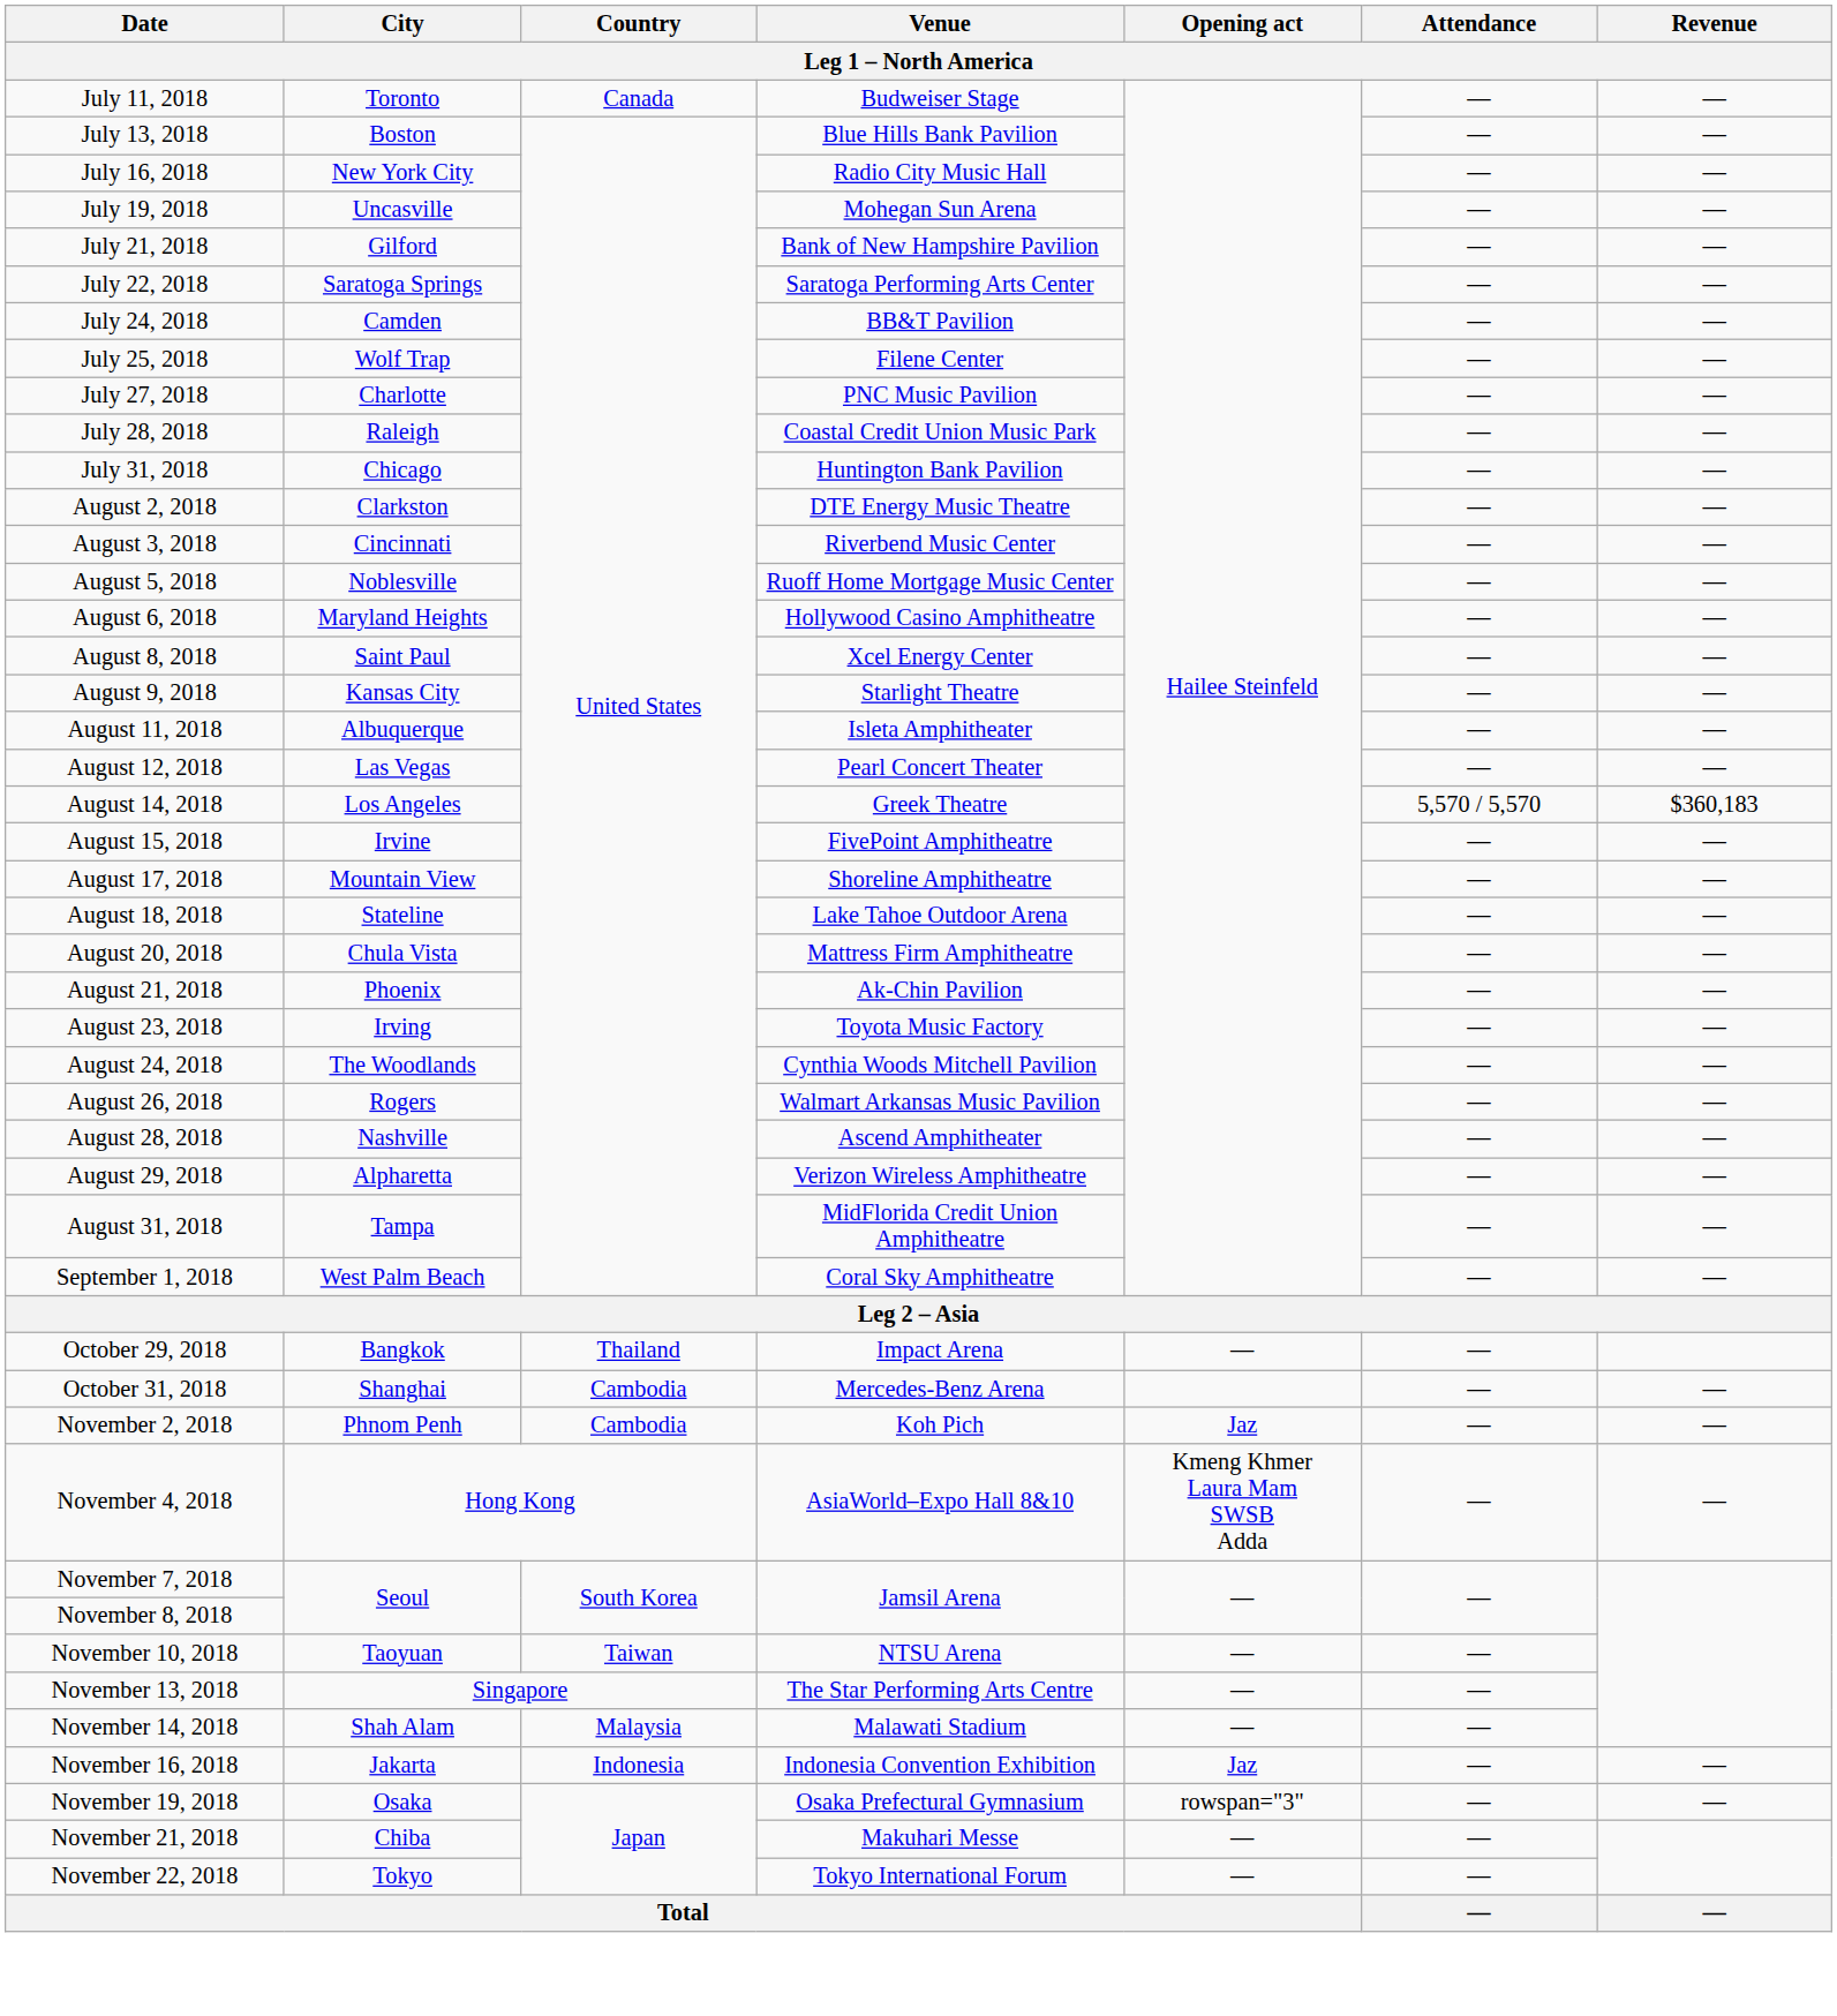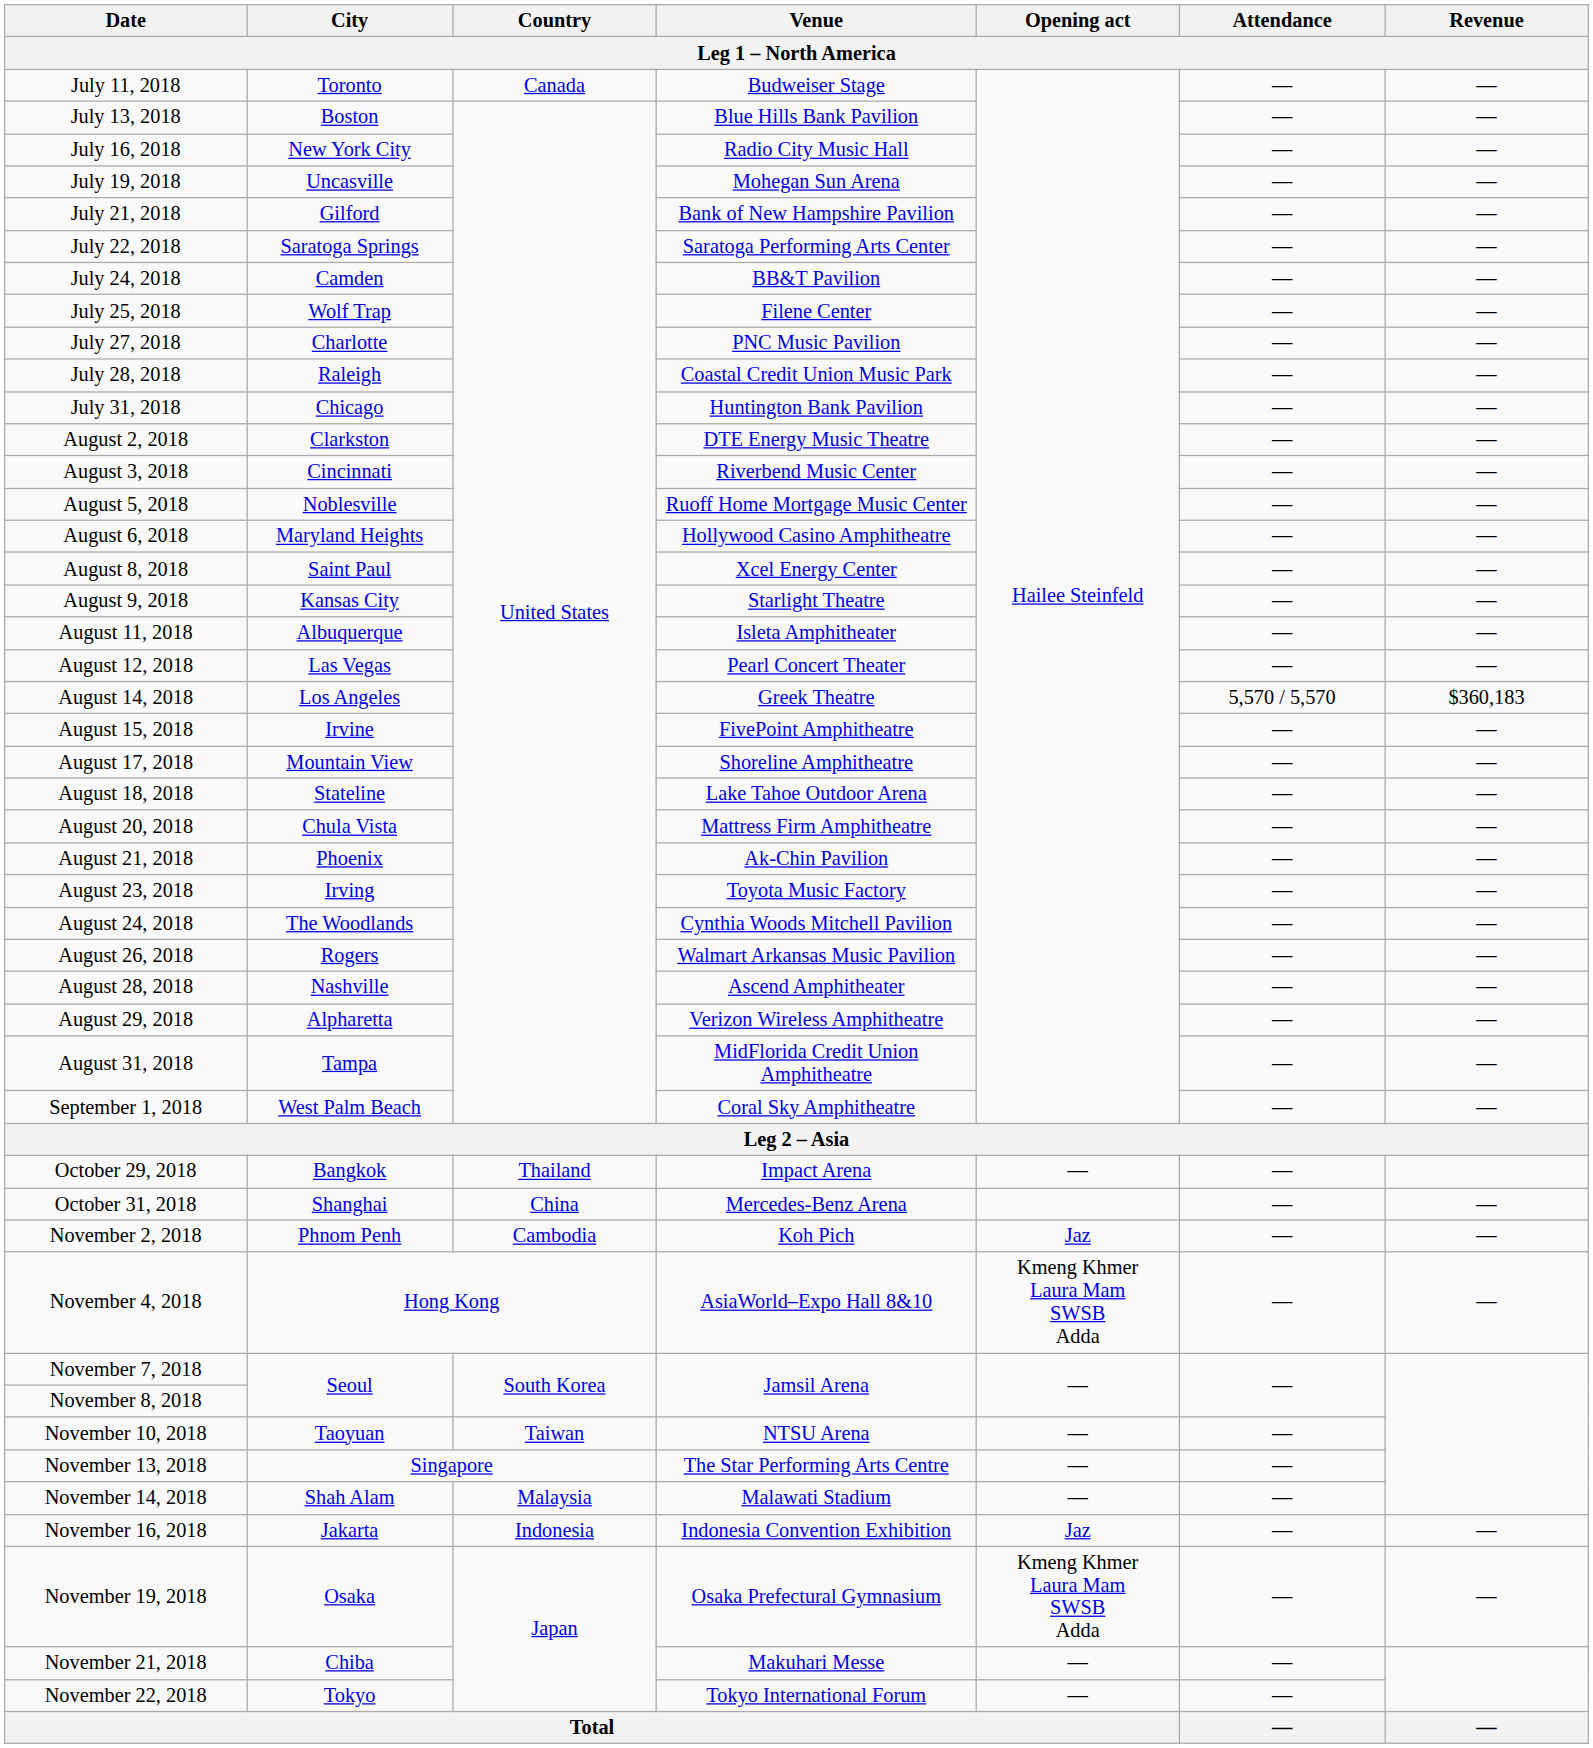 <table class="wikitable" style="text-align:center;">
 <tr>
 <th scope="col" style="width:12em;">Date</th>
 <th scope="col" style="width:10em;">City</th>
 <th scope="col" style="width:10em;">Country</th>
 <th scope="col" style="width:16em;">Venue</th>
 <th scope="col" style="width:10em;">Opening act</th>
 <th scope="col" style="width:10em;">Attendance</th>
 <th scope="col" style="width:10em;">Revenue</th>
 </tr>
 <tr>
 <th colspan="7">Leg 1 – North America</th>
 </tr>
 <tr>
 <td>July 11, 2018</td>
 <td><a href='#'>Toronto</a></td>
 <td><a href='#'>Canada</a></td>
 <td><a href='#'>Budweiser Stage</a></td>
 <td rowspan="32"><a href='#'>Hailee Steinfeld</a></td>
 <td>—</td>
 <td>—</td>
 </tr>
 <tr>
 <td>July 13, 2018</td>
 <td><a href='#'>Boston</a></td>
 <td rowspan="31"><a href='#'>United States</a></td>
 <td><a href='#'>Blue Hills Bank Pavilion</a></td>
 <td>—</td>
 <td>—</td>
 </tr>
 <tr>
 <td>July 16, 2018</td>
 <td><a href='#'>New York City</a></td>
 <td><a href='#'>Radio City Music Hall</a></td>
 <td>—</td>
 <td>—</td>
 </tr>
 <tr>
 <td>July 19, 2018</td>
 <td><a href='#'>Uncasville</a></td>
 <td><a href='#'>Mohegan Sun Arena</a></td>
 <td>—</td>
 <td>—</td>
 </tr>
 <tr>
 <td>July 21, 2018</td>
 <td><a href='#'>Gilford</a></td>
 <td><a href='#'>Bank of New Hampshire Pavilion</a></td>
 <td>—</td>
 <td>—</td>
 </tr>
 <tr>
 <td>July 22, 2018</td>
 <td><a href='#'>Saratoga Springs</a></td>
 <td><a href='#'>Saratoga Performing Arts Center</a></td>
 <td>—</td>
 <td>—</td>
 </tr>
 <tr>
 <td>July 24, 2018</td>
 <td><a href='#'>Camden</a></td>
 <td><a href='#'>BB&T Pavilion</a></td>
 <td>—</td>
 <td>—</td>
 </tr>
 <tr>
 <td>July 25, 2018</td>
 <td><a href='#'>Wolf Trap</a></td>
 <td><a href='#'>Filene Center</a></td>
 <td>—</td>
 <td>—</td>
 </tr>
 <tr>
 <td>July 27, 2018</td>
 <td><a href='#'>Charlotte</a></td>
 <td><a href='#'>PNC Music Pavilion</a></td>
 <td>—</td>
 <td>—</td>
 </tr>
 <tr>
 <td>July 28, 2018</td>
 <td><a href='#'>Raleigh</a></td>
 <td><a href='#'>Coastal Credit Union Music Park</a></td>
 <td>—</td>
 <td>—</td>
 </tr>
 <tr>
 <td>July 31, 2018</td>
 <td><a href='#'>Chicago</a></td>
 <td><a href='#'>Huntington Bank Pavilion</a></td>
 <td>—</td>
 <td>—</td>
 </tr>
 <tr>
 <td>August 2, 2018</td>
 <td><a href='#'>Clarkston</a></td>
 <td><a href='#'>DTE Energy Music Theatre</a></td>
 <td>—</td>
 <td>—</td>
 </tr>
 <tr>
 <td>August 3, 2018</td>
 <td><a href='#'>Cincinnati</a></td>
 <td><a href='#'>Riverbend Music Center</a></td>
 <td>—</td>
 <td>—</td>
 </tr>
 <tr>
 <td>August 5, 2018</td>
 <td><a href='#'>Noblesville</a></td>
 <td><a href='#'>Ruoff Home Mortgage Music Center</a></td>
 <td>—</td>
 <td>—</td>
 </tr>
 <tr>
 <td>August 6, 2018</td>
 <td><a href='#'>Maryland Heights</a></td>
 <td><a href='#'>Hollywood Casino Amphitheatre</a></td>
 <td>—</td>
 <td>—</td>
 </tr>
 <tr>
 <td>August 8, 2018</td>
 <td><a href='#'>Saint Paul</a></td>
 <td><a href='#'>Xcel Energy Center</a></td>
 <td>—</td>
 <td>—</td>
 </tr>
 <tr>
 <td>August 9, 2018</td>
 <td><a href='#'>Kansas City</a></td>
 <td><a href='#'>Starlight Theatre</a></td>
 <td>—</td>
 <td>—</td>
 </tr>
 <tr>
 <td>August 11, 2018</td>
 <td><a href='#'>Albuquerque</a></td>
 <td><a href='#'>Isleta Amphitheater</a></td>
 <td>—</td>
 <td>—</td>
 </tr>
 <tr>
 <td>August 12, 2018</td>
 <td><a href='#'>Las Vegas</a></td>
 <td><a href='#'>Pearl Concert Theater</a></td>
 <td>—</td>
 <td>—</td>
 </tr>
 <tr>
 <td>August 14, 2018</td>
 <td><a href='#'>Los Angeles</a></td>
 <td><a href='#'>Greek Theatre</a></td>
 <td>5,570 / 5,570</td>
 <td>$360,183</td>
 </tr>
 <tr>
 <td>August 15, 2018</td>
 <td><a href='#'>Irvine</a></td>
 <td><a href='#'>FivePoint Amphitheatre</a></td>
 <td>—</td>
 <td>—</td>
 </tr>
 <tr>
 <td>August 17, 2018</td>
 <td><a href='#'>Mountain View</a></td>
 <td><a href='#'>Shoreline Amphitheatre</a></td>
 <td>—</td>
 <td>—</td>
 </tr>
 <tr>
 <td>August 18, 2018</td>
 <td><a href='#'>Stateline</a></td>
 <td><a href='#'>Lake Tahoe Outdoor Arena</a></td>
 <td>—</td>
 <td>—</td>
 </tr>
 <tr>
 <td>August 20, 2018</td>
 <td><a href='#'>Chula Vista</a></td>
 <td><a href='#'>Mattress Firm Amphitheatre</a></td>
 <td>—</td>
 <td>—</td>
 </tr>
 <tr>
 <td>August 21, 2018</td>
 <td><a href='#'>Phoenix</a></td>
 <td><a href='#'>Ak-Chin Pavilion</a></td>
 <td>—</td>
 <td>—</td>
 </tr>
 <tr>
 <td>August 23, 2018</td>
 <td><a href='#'>Irving</a></td>
 <td><a href='#'>Toyota Music Factory</a></td>
 <td>—</td>
 <td>—</td>
 </tr>
 <tr>
 <td>August 24, 2018</td>
 <td><a href='#'>The Woodlands</a></td>
 <td><a href='#'>Cynthia Woods Mitchell Pavilion</a></td>
 <td>—</td>
 <td>—</td>
 </tr>
 <tr>
 <td>August 26, 2018</td>
 <td><a href='#'>Rogers</a></td>
 <td><a href='#'>Walmart Arkansas Music Pavilion</a></td>
 <td>—</td>
 <td>—</td>
 </tr>
 <tr>
 <td>August 28, 2018</td>
 <td><a href='#'>Nashville</a></td>
 <td><a href='#'>Ascend Amphitheater</a></td>
 <td>—</td>
 <td>—</td>
 </tr>
 <tr>
 <td>August 29, 2018</td>
 <td><a href='#'>Alpharetta</a></td>
 <td><a href='#'>Verizon Wireless Amphitheatre</a></td>
 <td>—</td>
 <td>—</td>
 </tr>
 <tr>
 <td>August 31, 2018</td>
 <td><a href='#'>Tampa</a></td>
 <td><a href='#'>MidFlorida Credit Union Amphitheatre</a></td>
 <td>—</td>
 <td>—</td>
 </tr>
 <tr>
 <td>September 1, 2018</td>
 <td><a href='#'>West Palm Beach</a></td>
 <td><a href='#'>Coral Sky Amphitheatre</a></td>
 <td>—</td>
 <td>—</td>
 </tr>
 <tr>
 <th colspan="7">Leg 2 – Asia</th>
 </tr>
 <tr>
 <td>October 29, 2018</td>
 <td><a href='#'>Bangkok</a></td>
 <td><a href='#'>Thailand</a></td>
 <td><a href='#'>Impact Arena</a></td>
 <td>—</td>
 <td>—</td>
 </tr>
 <tr>
 <td>October 31, 2018</td>
 <td><a href='#'>Shanghai</a></td>
-<td><a href='#'>Cambodia</a></td>
+<td><a href='#'>China</a></td>
 <td><a href='#'>Mercedes-Benz Arena</a></td>
 <td></td>
 <td>—</td>
 <td>—</td>
 </tr>
 <tr>
 <td>November 2, 2018</td>
 <td><a href='#'>Phnom Penh</a></td>
 <td><a href='#'>Cambodia</a></td>
 <td><a href='#'>Koh Pich</a></td>
 <td><a href='#'>Jaz</a></td>
 <td>—</td>
 <td>—</td>
 </tr>
 <tr>
 <td>November 4, 2018</td>
 <td colspan="2"><a href='#'>Hong Kong</a></td>
 <td><a href='#'>AsiaWorld–Expo Hall 8&10</a></td>
 <td>Kmeng Khmer<br><a href='#'>Laura Mam</a><br><a href='#'>SWSB</a><br>Adda</td>
 <td>—</td>
 <td>—</td>
 </tr>
 <tr>
 <td>November 7, 2018</td>
 <td rowspan="2"><a href='#'>Seoul</a></td>
 <td rowspan="2"><a href='#'>South Korea</a></td>
 <td rowspan="2"><a href='#'>Jamsil Arena</a></td>
 <td rowspan="2">—</td>
 <td rowspan="2">—</td>
 </tr>
 <tr>
 <td>November 8, 2018</td>
 </tr>
 <tr>
 <td>November 10, 2018</td>
 <td><a href='#'>Taoyuan</a></td>
 <td><a href='#'>Taiwan</a></td>
 <td><a href='#'>NTSU Arena</a></td>
 <td>—</td>
 <td>—</td>
 </tr>
 <tr>
 <td>November 13, 2018</td>
 <td colspan="2"><a href='#'>Singapore</a></td>
 <td><a href='#'>The Star Performing Arts Centre</a></td>
 <td>—</td>
 <td>—</td>
 </tr>
 <tr>
 <td>November 14, 2018</td>
 <td><a href='#'>Shah Alam</a></td>
 <td><a href='#'>Malaysia</a></td>
 <td><a href='#'>Malawati Stadium</a></td>
 <td>—</td>
 <td>—</td>
 </tr>
 <tr>
 <td>November 16, 2018</td>
 <td><a href='#'>Jakarta</a></td>
 <td><a href='#'>Indonesia</a></td>
 <td><a href='#'>Indonesia Convention Exhibition</a></td>
 <td><a href='#'>Jaz</a></td>
 <td>—</td>
 <td>—</td>
 </tr>
 <tr>
 <td>November 19, 2018</td>
 <td><a href='#'>Osaka</a></td>
 <td rowspan="3"><a href='#'>Japan</a></td>
 <td><a href='#'>Osaka Prefectural Gymnasium</a></td>
-<td>rowspan="3" </td>
+<td>Kmeng Khmer<br><a href='#'>Laura Mam</a><br><a href='#'>SWSB</a><br>Adda</td>
 <td>—</td>
 <td>—</td>
 </tr>
 <tr>
 <td>November 21, 2018</td>
 <td><a href='#'>Chiba</a></td>
 <td><a href='#'>Makuhari Messe</a></td>
 <td>—</td>
 <td>—</td>
 </tr>
 <tr>
 <td>November 22, 2018</td>
 <td><a href='#'>Tokyo</a></td>
 <td><a href='#'>Tokyo International Forum</a></td>
 <td>—</td>
 <td>—</td>
 </tr>
 <tr>
 <th colspan="5">Total</th>
 <th>—</th>
 <th>—</th>
 </tr>
 </table>
